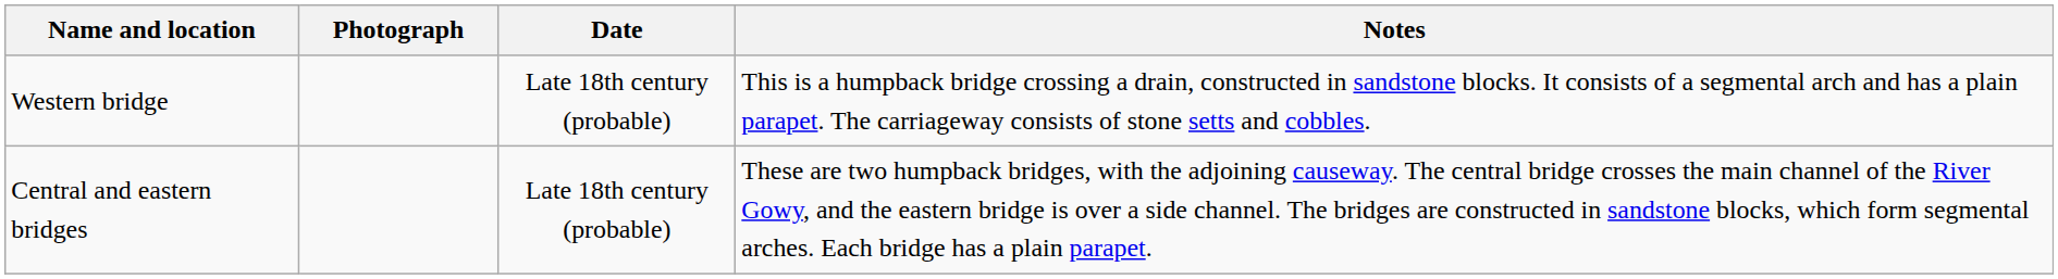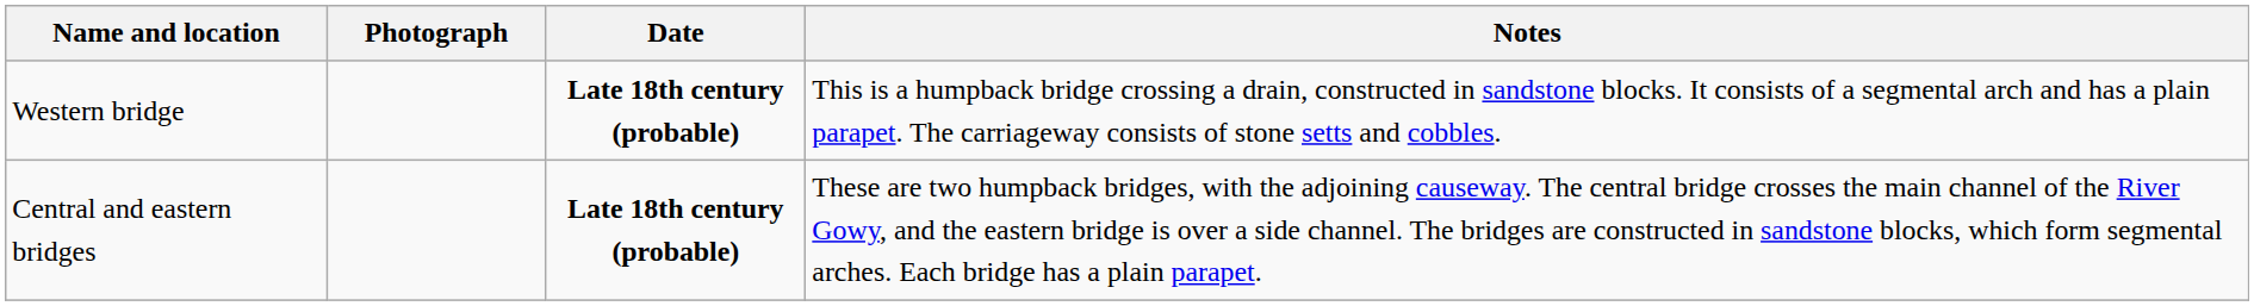 <table class="wikitable sortable plainrowheaders" style="width:100%;border:0px;text-align:left;line-height:150%;">
 <tr>
 <th scope="col"  style="width:150px">Name and location</th>
 <th scope="col"  style="width:100px" class="unsortable">Photograph</th>
 <th scope="col"  style="width:120px" class="unsortable">Date</th>
 <th scope="col"  style="width:700px" class="unsortable">Notes</th>
 </tr>
 <tr>
 <td>Western bridge<br><small></small></td>
 <td></td>
-<td align="center">Late 18th century (probable)</td>
+<td align="center"><strong>Late 18th century (probable)</strong></td>
 <td>This is a humpback bridge crossing a drain, constructed in <a href='#'>sandstone</a> blocks.  It consists of a segmental arch and has a plain <a href='#'>parapet</a>.  The carriageway consists of stone <a href='#'>setts</a> and <a href='#'>cobbles</a>.</td>
 </tr>
 <tr>
 <td>Central and eastern bridges<br><small></small></td>
 <td></td>
-<td align="center">Late 18th century (probable)</td>
+<td align="center"><strong>Late 18th century (probable)</strong></td>
 <td>These are two humpback bridges, with the adjoining <a href='#'>causeway</a>.  The central bridge crosses the main channel of the <a href='#'>River Gowy</a>, and the eastern bridge is over a side channel.  The bridges are constructed in <a href='#'>sandstone</a> blocks, which form segmental arches. Each bridge has a plain <a href='#'>parapet</a>.</td>
 </tr>
 <tr>
 </tr>
 </table>
